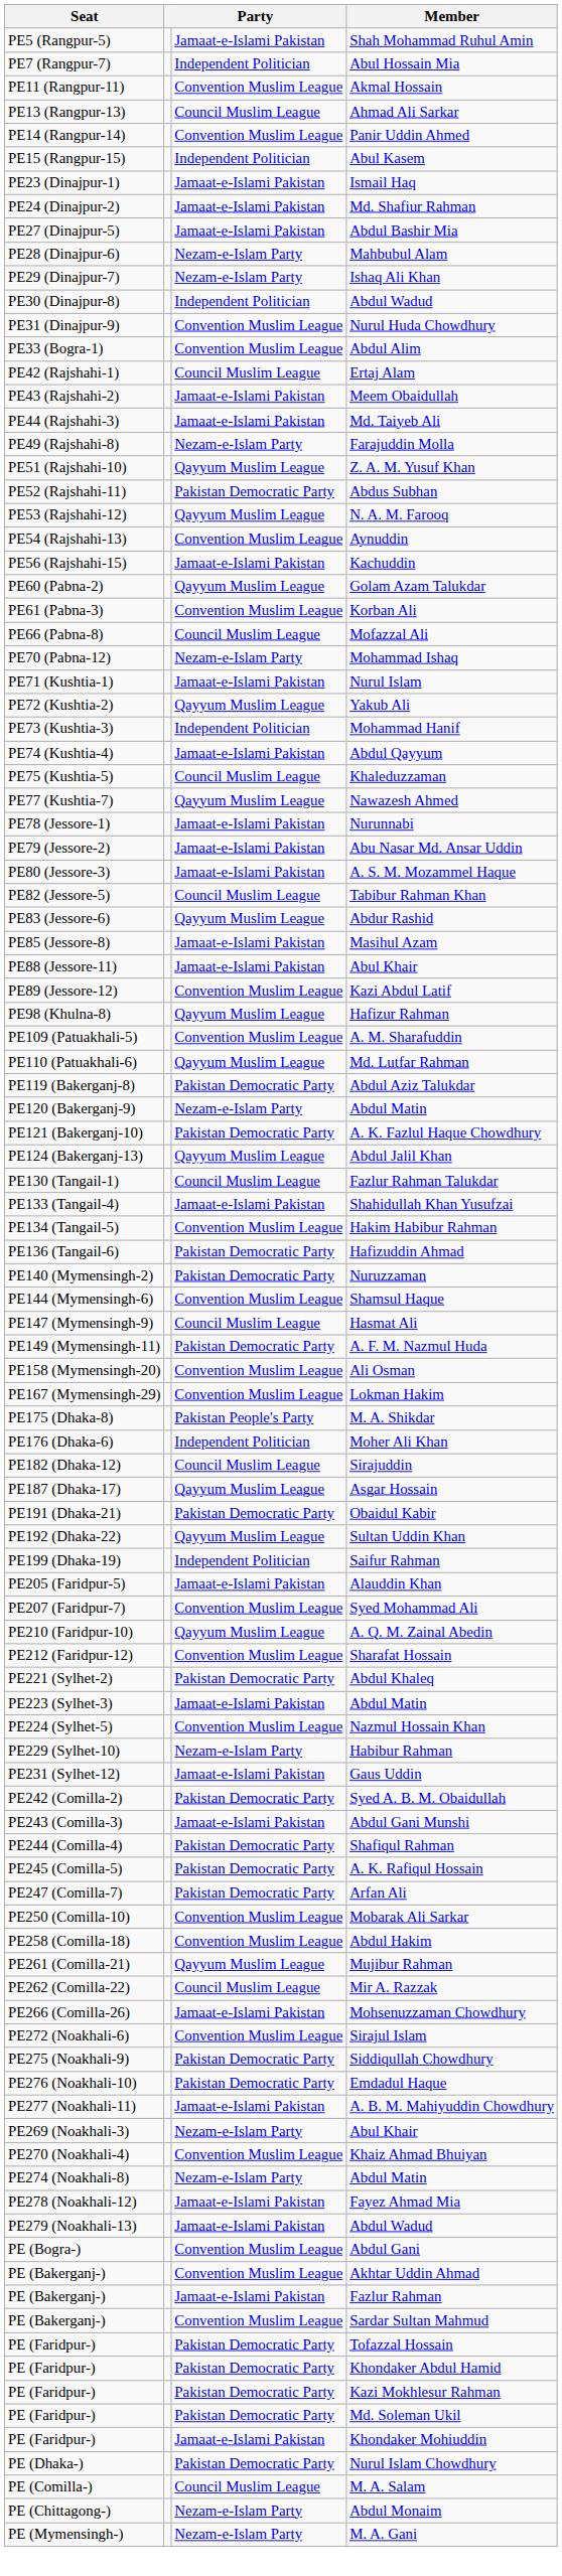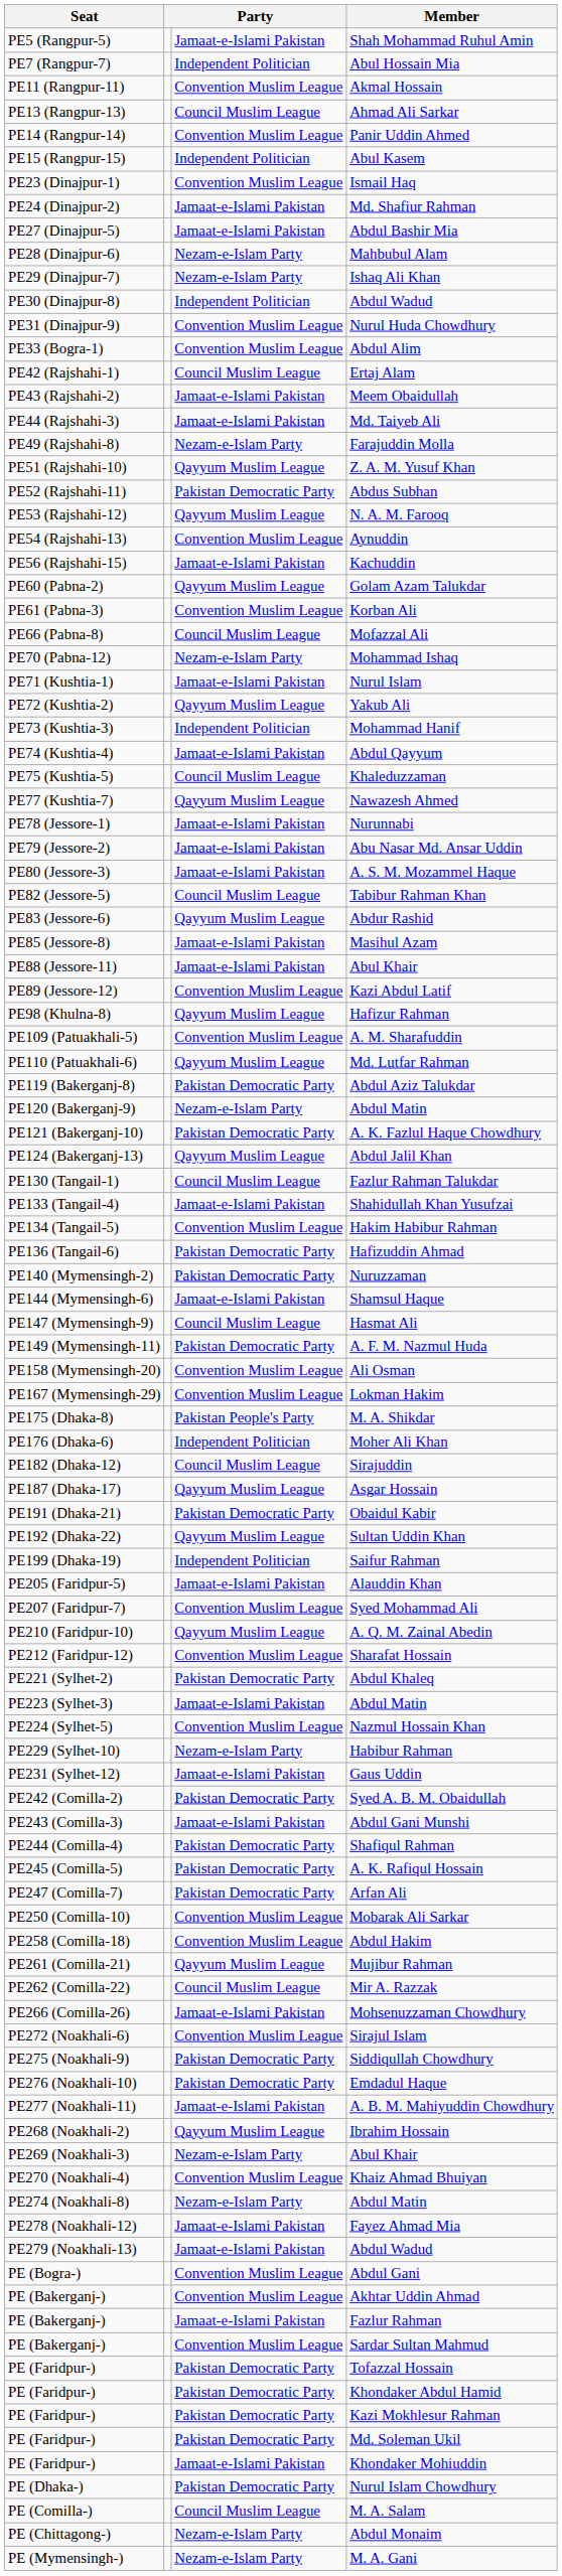 <table class="wikitable sortable">
 <tr>
 <th>Seat</th>
 <th colspan="2">Party</th>
 <th>Member</th>
 </tr>
 <tr>
 <td>PE5 (Rangpur-5)</td>
 <td></td>
 <td><a href='#'>Jamaat-e-Islami Pakistan</a></td>
 <td><a href='#'>Shah Mohammad Ruhul Amin</a></td>
 </tr>
 <tr>
 <td>PE7 (Rangpur-7)</td>
 <td></td>
 <td><a href='#'>Independent Politician</a></td>
 <td><a href='#'>Abul Hossain Mia</a></td>
 </tr>
 <tr>
 <td>PE11 (Rangpur-11)</td>
 <td></td>
 <td><a href='#'>Convention Muslim League</a></td>
 <td><a href='#'>Akmal Hossain</a></td>
 </tr>
 <tr>
 <td>PE13 (Rangpur-13)</td>
 <td></td>
 <td><a href='#'>Council Muslim League</a></td>
 <td><a href='#'>Ahmad Ali Sarkar</a></td>
 </tr>
 <tr>
 <td>PE14 (Rangpur-14)</td>
 <td></td>
 <td><a href='#'>Convention Muslim League</a></td>
 <td><a href='#'>Panir Uddin Ahmed</a></td>
 </tr>
 <tr>
 <td>PE15 (Rangpur-15)</td>
 <td></td>
 <td><a href='#'>Independent Politician</a></td>
 <td><a href='#'>Abul Kasem</a></td>
 </tr>
 <tr>
 <td>PE23 (Dinajpur-1)</td>
 <td></td>
-<td><a href='#'>Jamaat-e-Islami Pakistan</a></td>
+<td><a href='#'>Convention Muslim League</a></td>
 <td><a href='#'>Ismail Haq</a></td>
 </tr>
 <tr>
 <td>PE24 (Dinajpur-2)</td>
 <td></td>
 <td><a href='#'>Jamaat-e-Islami Pakistan</a></td>
 <td><a href='#'>Md. Shafiur Rahman</a></td>
 </tr>
 <tr>
 <td>PE27 (Dinajpur-5)</td>
 <td></td>
 <td><a href='#'>Jamaat-e-Islami Pakistan</a></td>
 <td><a href='#'>Abdul Bashir Mia</a></td>
 </tr>
 <tr>
 <td>PE28 (Dinajpur-6)</td>
 <td></td>
 <td><a href='#'>Nezam-e-Islam Party</a></td>
 <td><a href='#'>Mahbubul Alam</a></td>
 </tr>
 <tr>
 <td>PE29 (Dinajpur-7)</td>
 <td></td>
 <td><a href='#'>Nezam-e-Islam Party</a></td>
 <td><a href='#'>Ishaq Ali Khan</a></td>
 </tr>
 <tr>
 <td>PE30 (Dinajpur-8)</td>
 <td></td>
 <td><a href='#'>Independent Politician</a></td>
 <td><a href='#'>Abdul Wadud</a></td>
 </tr>
 <tr>
 <td>PE31 (Dinajpur-9)</td>
 <td></td>
 <td><a href='#'>Convention Muslim League</a></td>
 <td><a href='#'>Nurul Huda Chowdhury</a></td>
 </tr>
 <tr>
 <td>PE33 (Bogra-1)</td>
 <td></td>
 <td><a href='#'>Convention Muslim League</a></td>
 <td><a href='#'>Abdul Alim</a></td>
 </tr>
 <tr>
 <td>PE42 (Rajshahi-1)</td>
 <td></td>
 <td><a href='#'>Council Muslim League</a></td>
 <td><a href='#'>Ertaj Alam</a></td>
 </tr>
 <tr>
 <td>PE43 (Rajshahi-2)</td>
 <td></td>
 <td><a href='#'>Jamaat-e-Islami Pakistan</a></td>
 <td><a href='#'>Meem Obaidullah</a></td>
 </tr>
 <tr>
 <td>PE44 (Rajshahi-3)</td>
 <td></td>
 <td><a href='#'>Jamaat-e-Islami Pakistan</a></td>
 <td><a href='#'>Md. Taiyeb Ali</a></td>
 </tr>
 <tr>
 <td>PE49 (Rajshahi-8)</td>
 <td></td>
 <td><a href='#'>Nezam-e-Islam Party</a></td>
 <td><a href='#'>Farajuddin Molla</a></td>
 </tr>
 <tr>
 <td>PE51 (Rajshahi-10)</td>
 <td></td>
 <td><a href='#'>Qayyum Muslim League</a></td>
 <td><a href='#'>Z. A. M. Yusuf Khan</a></td>
 </tr>
 <tr>
 <td>PE52 (Rajshahi-11)</td>
 <td></td>
 <td><a href='#'>Pakistan Democratic Party</a></td>
 <td><a href='#'>Abdus Subhan</a></td>
 </tr>
 <tr>
 <td>PE53 (Rajshahi-12)</td>
 <td></td>
 <td><a href='#'>Qayyum Muslim League</a></td>
 <td><a href='#'>N. A. M. Farooq</a></td>
 </tr>
 <tr>
 <td>PE54 (Rajshahi-13)</td>
 <td></td>
 <td><a href='#'>Convention Muslim League</a></td>
 <td><a href='#'>Aynuddin</a></td>
 </tr>
 <tr>
 <td>PE56 (Rajshahi-15)</td>
 <td></td>
 <td><a href='#'>Jamaat-e-Islami Pakistan</a></td>
 <td><a href='#'>Kachuddin</a></td>
 </tr>
 <tr>
 <td>PE60 (Pabna-2)</td>
 <td></td>
 <td><a href='#'>Qayyum Muslim League</a></td>
 <td><a href='#'>Golam Azam Talukdar</a></td>
 </tr>
 <tr>
 <td>PE61 (Pabna-3)</td>
 <td></td>
 <td><a href='#'>Convention Muslim League</a></td>
 <td><a href='#'>Korban Ali</a></td>
 </tr>
 <tr>
 <td>PE66 (Pabna-8)</td>
 <td></td>
 <td><a href='#'>Council Muslim League</a></td>
 <td><a href='#'>Mofazzal Ali</a></td>
 </tr>
 <tr>
 <td>PE70 (Pabna-12)</td>
 <td></td>
 <td><a href='#'>Nezam-e-Islam Party</a></td>
 <td><a href='#'>Mohammad Ishaq</a></td>
 </tr>
 <tr>
 <td>PE71 (Kushtia-1)</td>
 <td></td>
 <td><a href='#'>Jamaat-e-Islami Pakistan</a></td>
 <td><a href='#'>Nurul Islam</a></td>
 </tr>
 <tr>
 <td>PE72 (Kushtia-2)</td>
 <td></td>
 <td><a href='#'>Qayyum Muslim League</a></td>
 <td><a href='#'>Yakub Ali</a></td>
 </tr>
 <tr>
 <td>PE73 (Kushtia-3)</td>
 <td></td>
 <td><a href='#'>Independent Politician</a></td>
 <td><a href='#'>Mohammad Hanif</a></td>
 </tr>
 <tr>
 <td>PE74 (Kushtia-4)</td>
 <td></td>
 <td><a href='#'>Jamaat-e-Islami Pakistan</a></td>
 <td><a href='#'>Abdul Qayyum</a></td>
 </tr>
 <tr>
 <td>PE75 (Kushtia-5)</td>
 <td></td>
 <td><a href='#'>Council Muslim League</a></td>
 <td><a href='#'>Khaleduzzaman</a></td>
 </tr>
 <tr>
 <td>PE77 (Kushtia-7)</td>
 <td></td>
 <td><a href='#'>Qayyum Muslim League</a></td>
 <td><a href='#'>Nawazesh Ahmed</a></td>
 </tr>
 <tr>
 <td>PE78 (Jessore-1)</td>
 <td></td>
 <td><a href='#'>Jamaat-e-Islami Pakistan</a></td>
 <td><a href='#'>Nurunnabi</a></td>
 </tr>
 <tr>
 <td>PE79 (Jessore-2)</td>
 <td></td>
 <td><a href='#'>Jamaat-e-Islami Pakistan</a></td>
 <td><a href='#'>Abu Nasar Md. Ansar Uddin</a></td>
 </tr>
 <tr>
 <td>PE80 (Jessore-3)</td>
 <td></td>
 <td><a href='#'>Jamaat-e-Islami Pakistan</a></td>
 <td><a href='#'>A. S. M. Mozammel Haque</a></td>
 </tr>
 <tr>
 <td>PE82 (Jessore-5)</td>
 <td></td>
 <td><a href='#'>Council Muslim League</a></td>
 <td><a href='#'>Tabibur Rahman Khan</a></td>
 </tr>
 <tr>
 <td>PE83 (Jessore-6)</td>
 <td></td>
 <td><a href='#'>Qayyum Muslim League</a></td>
 <td><a href='#'>Abdur Rashid</a></td>
 </tr>
 <tr>
 <td>PE85 (Jessore-8)</td>
 <td></td>
 <td><a href='#'>Jamaat-e-Islami Pakistan</a></td>
 <td><a href='#'>Masihul Azam</a></td>
 </tr>
 <tr>
 <td>PE88 (Jessore-11)</td>
 <td></td>
 <td><a href='#'>Jamaat-e-Islami Pakistan</a></td>
 <td><a href='#'>Abul Khair</a></td>
 </tr>
 <tr>
 <td>PE89 (Jessore-12)</td>
 <td></td>
 <td><a href='#'>Convention Muslim League</a></td>
 <td><a href='#'>Kazi Abdul Latif</a></td>
 </tr>
 <tr>
 <td>PE98 (Khulna-8)</td>
 <td></td>
 <td><a href='#'>Qayyum Muslim League</a></td>
 <td><a href='#'>Hafizur Rahman</a></td>
 </tr>
 <tr>
 <td>PE109 (Patuakhali-5)</td>
 <td></td>
 <td><a href='#'>Convention Muslim League</a></td>
 <td><a href='#'>A. M. Sharafuddin</a></td>
 </tr>
 <tr>
 <td>PE110 (Patuakhali-6)</td>
 <td></td>
 <td><a href='#'>Qayyum Muslim League</a></td>
 <td><a href='#'>Md. Lutfar Rahman</a></td>
 </tr>
 <tr>
 <td>PE119 (Bakerganj-8)</td>
 <td></td>
 <td><a href='#'>Pakistan Democratic Party</a></td>
 <td><a href='#'>Abdul Aziz Talukdar</a></td>
 </tr>
 <tr>
 <td>PE120 (Bakerganj-9)</td>
 <td></td>
 <td><a href='#'>Nezam-e-Islam Party</a></td>
 <td><a href='#'>Abdul Matin</a></td>
 </tr>
 <tr>
 <td>PE121 (Bakerganj-10)</td>
 <td></td>
 <td><a href='#'>Pakistan Democratic Party</a></td>
 <td><a href='#'>A. K. Fazlul Haque Chowdhury</a></td>
 </tr>
 <tr>
 <td>PE124 (Bakerganj-13)</td>
 <td></td>
 <td><a href='#'>Qayyum Muslim League</a></td>
 <td><a href='#'>Abdul Jalil Khan</a></td>
 </tr>
 <tr>
 <td>PE130 (Tangail-1)</td>
 <td></td>
 <td><a href='#'>Council Muslim League</a></td>
 <td><a href='#'>Fazlur Rahman Talukdar</a></td>
 </tr>
 <tr>
 <td>PE133 (Tangail-4)</td>
 <td></td>
 <td><a href='#'>Jamaat-e-Islami Pakistan</a></td>
 <td><a href='#'>Shahidullah Khan Yusufzai</a></td>
 </tr>
 <tr>
 <td>PE134 (Tangail-5)</td>
 <td></td>
 <td><a href='#'>Convention Muslim League</a></td>
 <td><a href='#'>Hakim Habibur Rahman</a></td>
 </tr>
 <tr>
 <td>PE136 (Tangail-6)</td>
 <td></td>
 <td><a href='#'>Pakistan Democratic Party</a></td>
 <td><a href='#'>Hafizuddin Ahmad</a></td>
 </tr>
 <tr>
 <td>PE140 (Mymensingh-2)</td>
 <td></td>
 <td><a href='#'>Pakistan Democratic Party</a></td>
 <td><a href='#'>Nuruzzaman</a></td>
 </tr>
 <tr>
 <td>PE144 (Mymensingh-6)</td>
 <td></td>
-<td><a href='#'>Convention Muslim League</a></td>
+<td><a href='#'>Jamaat-e-Islami Pakistan</a></td>
 <td><a href='#'>Shamsul Haque</a></td>
 </tr>
 <tr>
 <td>PE147 (Mymensingh-9)</td>
 <td></td>
 <td><a href='#'>Council Muslim League</a></td>
 <td><a href='#'>Hasmat Ali</a></td>
 </tr>
 <tr>
 <td>PE149 (Mymensingh-11)</td>
 <td></td>
 <td><a href='#'>Pakistan Democratic Party</a></td>
 <td><a href='#'>A. F. M. Nazmul Huda</a></td>
 </tr>
 <tr>
 <td>PE158 (Mymensingh-20)</td>
 <td></td>
 <td><a href='#'>Convention Muslim League</a></td>
 <td><a href='#'>Ali Osman</a></td>
 </tr>
 <tr>
 <td>PE167 (Mymensingh-29)</td>
 <td></td>
 <td><a href='#'>Convention Muslim League</a></td>
 <td><a href='#'>Lokman Hakim</a></td>
 </tr>
 <tr>
 <td>PE175 (Dhaka-8)</td>
 <td></td>
 <td><a href='#'>Pakistan People's Party</a></td>
 <td><a href='#'>M. A. Shikdar</a></td>
 </tr>
 <tr>
 <td>PE176 (Dhaka-6)</td>
 <td></td>
 <td><a href='#'>Independent Politician</a></td>
 <td><a href='#'>Moher Ali Khan</a></td>
 </tr>
 <tr>
 <td>PE182 (Dhaka-12)</td>
 <td></td>
 <td><a href='#'>Council Muslim League</a></td>
 <td><a href='#'>Sirajuddin</a></td>
 </tr>
 <tr>
 <td>PE187 (Dhaka-17)</td>
 <td></td>
 <td><a href='#'>Qayyum Muslim League</a></td>
 <td><a href='#'>Asgar Hossain</a></td>
 </tr>
 <tr>
 <td>PE191 (Dhaka-21)</td>
 <td></td>
 <td><a href='#'>Pakistan Democratic Party</a></td>
 <td><a href='#'>Obaidul Kabir</a></td>
 </tr>
 <tr>
 <td>PE192 (Dhaka-22)</td>
 <td></td>
 <td><a href='#'>Qayyum Muslim League</a></td>
 <td><a href='#'>Sultan Uddin Khan</a></td>
 </tr>
 <tr>
 <td>PE199 (Dhaka-19)</td>
 <td></td>
 <td><a href='#'>Independent Politician</a></td>
 <td><a href='#'>Saifur Rahman</a></td>
 </tr>
 <tr>
 <td>PE205 (Faridpur-5)</td>
 <td></td>
 <td><a href='#'>Jamaat-e-Islami Pakistan</a></td>
 <td><a href='#'>Alauddin Khan</a></td>
 </tr>
 <tr>
 <td>PE207 (Faridpur-7)</td>
 <td></td>
 <td><a href='#'>Convention Muslim League</a></td>
 <td><a href='#'>Syed Mohammad Ali</a></td>
 </tr>
 <tr>
 <td>PE210 (Faridpur-10)</td>
 <td></td>
 <td><a href='#'>Qayyum Muslim League</a></td>
 <td><a href='#'>A. Q. M. Zainal Abedin</a></td>
 </tr>
 <tr>
 <td>PE212 (Faridpur-12)</td>
 <td></td>
 <td><a href='#'>Convention Muslim League</a></td>
 <td><a href='#'>Sharafat Hossain</a></td>
 </tr>
 <tr>
 <td>PE221 (Sylhet-2)</td>
 <td></td>
 <td><a href='#'>Pakistan Democratic Party</a></td>
 <td><a href='#'>Abdul Khaleq</a></td>
 </tr>
 <tr>
 <td>PE223 (Sylhet-3)</td>
 <td></td>
 <td><a href='#'>Jamaat-e-Islami Pakistan</a></td>
 <td><a href='#'>Abdul Matin</a></td>
 </tr>
 <tr>
 <td>PE224 (Sylhet-5)</td>
 <td></td>
 <td><a href='#'>Convention Muslim League</a></td>
 <td><a href='#'>Nazmul Hossain Khan</a></td>
 </tr>
 <tr>
 <td>PE229 (Sylhet-10)</td>
 <td></td>
 <td><a href='#'>Nezam-e-Islam Party</a></td>
 <td><a href='#'>Habibur Rahman</a></td>
 </tr>
 <tr>
 <td>PE231 (Sylhet-12)</td>
 <td></td>
 <td><a href='#'>Jamaat-e-Islami Pakistan</a></td>
 <td><a href='#'>Gaus Uddin</a></td>
 </tr>
 <tr>
 <td>PE242 (Comilla-2)</td>
 <td></td>
 <td><a href='#'>Pakistan Democratic Party</a></td>
 <td><a href='#'>Syed A. B. M. Obaidullah</a></td>
 </tr>
 <tr>
 <td>PE243 (Comilla-3)</td>
 <td></td>
 <td><a href='#'>Jamaat-e-Islami Pakistan</a></td>
 <td><a href='#'>Abdul Gani Munshi</a></td>
 </tr>
 <tr>
 <td>PE244 (Comilla-4)</td>
 <td></td>
 <td><a href='#'>Pakistan Democratic Party</a></td>
 <td><a href='#'>Shafiqul Rahman</a></td>
 </tr>
 <tr>
 <td>PE245 (Comilla-5)</td>
 <td></td>
 <td><a href='#'>Pakistan Democratic Party</a></td>
 <td><a href='#'>A. K. Rafiqul Hossain</a></td>
 </tr>
 <tr>
 <td>PE247 (Comilla-7)</td>
 <td></td>
 <td><a href='#'>Pakistan Democratic Party</a></td>
 <td><a href='#'>Arfan Ali</a></td>
 </tr>
 <tr>
 <td>PE250 (Comilla-10)</td>
 <td></td>
 <td><a href='#'>Convention Muslim League</a></td>
 <td><a href='#'>Mobarak Ali Sarkar</a></td>
 </tr>
 <tr>
 <td>PE258 (Comilla-18)</td>
 <td></td>
 <td><a href='#'>Convention Muslim League</a></td>
 <td><a href='#'>Abdul Hakim</a></td>
 </tr>
 <tr>
 <td>PE261 (Comilla-21)</td>
 <td></td>
 <td><a href='#'>Qayyum Muslim League</a></td>
 <td><a href='#'>Mujibur Rahman</a></td>
 </tr>
 <tr>
 <td>PE262 (Comilla-22)</td>
 <td></td>
 <td><a href='#'>Council Muslim League</a></td>
 <td><a href='#'>Mir A. Razzak</a></td>
 </tr>
 <tr>
 <td>PE266 (Comilla-26)</td>
 <td></td>
 <td><a href='#'>Jamaat-e-Islami Pakistan</a></td>
 <td><a href='#'>Mohsenuzzaman Chowdhury</a></td>
 </tr>
 <tr>
 <td>PE272 (Noakhali-6)</td>
 <td></td>
 <td><a href='#'>Convention Muslim League</a></td>
 <td><a href='#'>Sirajul Islam</a></td>
 </tr>
 <tr>
 <td>PE275 (Noakhali-9)</td>
 <td></td>
 <td><a href='#'>Pakistan Democratic Party</a></td>
 <td><a href='#'>Siddiqullah Chowdhury</a></td>
 </tr>
 <tr>
 <td>PE276 (Noakhali-10)</td>
 <td></td>
 <td><a href='#'>Pakistan Democratic Party</a></td>
 <td><a href='#'>Emdadul Haque</a></td>
 </tr>
 <tr>
 <td>PE277 (Noakhali-11)</td>
 <td></td>
 <td><a href='#'>Jamaat-e-Islami Pakistan</a></td>
 <td><a href='#'>A. B. M. Mahiyuddin Chowdhury</a></td>
 </tr>
 <tr>
+<td>PE268 (Noakhali-2)</td>
+<td></td>
+<td><a href='#'>Qayyum Muslim League</a></td>
+<td><a href='#'>Ibrahim Hossain</a></td>
+</tr>
+<tr>
 <td>PE269 (Noakhali-3)</td>
 <td></td>
 <td><a href='#'>Nezam-e-Islam Party</a></td>
 <td><a href='#'>Abul Khair</a></td>
 </tr>
 <tr>
 <td>PE270 (Noakhali-4)</td>
 <td></td>
 <td><a href='#'>Convention Muslim League</a></td>
 <td><a href='#'>Khaiz Ahmad Bhuiyan</a></td>
 </tr>
 <tr>
 <td>PE274 (Noakhali-8)</td>
 <td></td>
 <td><a href='#'>Nezam-e-Islam Party</a></td>
 <td><a href='#'>Abdul Matin</a></td>
 </tr>
 <tr>
 <td>PE278 (Noakhali-12)</td>
 <td></td>
 <td><a href='#'>Jamaat-e-Islami Pakistan</a></td>
 <td><a href='#'>Fayez Ahmad Mia</a></td>
 </tr>
 <tr>
 <td>PE279 (Noakhali-13)</td>
 <td></td>
 <td><a href='#'>Jamaat-e-Islami Pakistan</a></td>
 <td><a href='#'>Abdul Wadud</a></td>
 </tr>
 <tr>
 <td>PE (Bogra-)</td>
 <td></td>
 <td><a href='#'>Convention Muslim League</a></td>
 <td><a href='#'>Abdul Gani</a></td>
 </tr>
 <tr>
 <td>PE (Bakerganj-)</td>
 <td></td>
 <td><a href='#'>Convention Muslim League</a></td>
 <td><a href='#'>Akhtar Uddin Ahmad</a></td>
 </tr>
 <tr>
 <td>PE (Bakerganj-)</td>
 <td></td>
 <td><a href='#'>Jamaat-e-Islami Pakistan</a></td>
 <td><a href='#'>Fazlur Rahman</a></td>
 </tr>
 <tr>
 <td>PE (Bakerganj-)</td>
 <td></td>
 <td><a href='#'>Convention Muslim League</a></td>
 <td><a href='#'>Sardar Sultan Mahmud</a></td>
 </tr>
 <tr>
 <td>PE (Faridpur-)</td>
 <td></td>
 <td><a href='#'>Pakistan Democratic Party</a></td>
 <td><a href='#'>Tofazzal Hossain</a></td>
 </tr>
 <tr>
 <td>PE (Faridpur-)</td>
 <td></td>
 <td><a href='#'>Pakistan Democratic Party</a></td>
 <td><a href='#'>Khondaker Abdul Hamid</a></td>
 </tr>
 <tr>
 <td>PE (Faridpur-)</td>
 <td></td>
 <td><a href='#'>Pakistan Democratic Party</a></td>
 <td><a href='#'>Kazi Mokhlesur Rahman</a></td>
 </tr>
 <tr>
 <td>PE (Faridpur-)</td>
 <td></td>
 <td><a href='#'>Pakistan Democratic Party</a></td>
 <td><a href='#'>Md. Soleman Ukil</a></td>
 </tr>
 <tr>
 <td>PE (Faridpur-)</td>
 <td></td>
 <td><a href='#'>Jamaat-e-Islami Pakistan</a></td>
 <td><a href='#'>Khondaker Mohiuddin</a></td>
 </tr>
 <tr>
 <td>PE (Dhaka-)</td>
 <td></td>
 <td><a href='#'>Pakistan Democratic Party</a></td>
 <td><a href='#'>Nurul Islam Chowdhury</a></td>
 </tr>
 <tr>
 <td>PE (Comilla-)</td>
 <td></td>
 <td><a href='#'>Council Muslim League</a></td>
 <td><a href='#'>M. A. Salam</a></td>
 </tr>
 <tr>
 <td>PE (Chittagong-)</td>
 <td></td>
 <td><a href='#'>Nezam-e-Islam Party</a></td>
 <td><a href='#'>Abdul Monaim</a></td>
 </tr>
 <tr>
 <td>PE (Mymensingh-)</td>
 <td></td>
 <td><a href='#'>Nezam-e-Islam Party</a></td>
 <td><a href='#'>M. A. Gani</a></td>
 </tr>
 </table>
